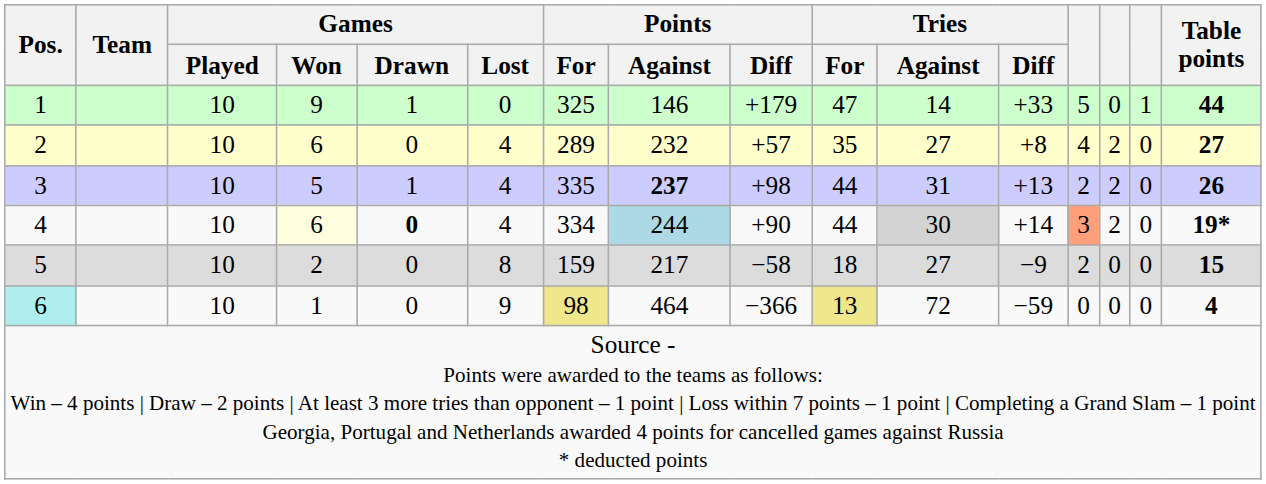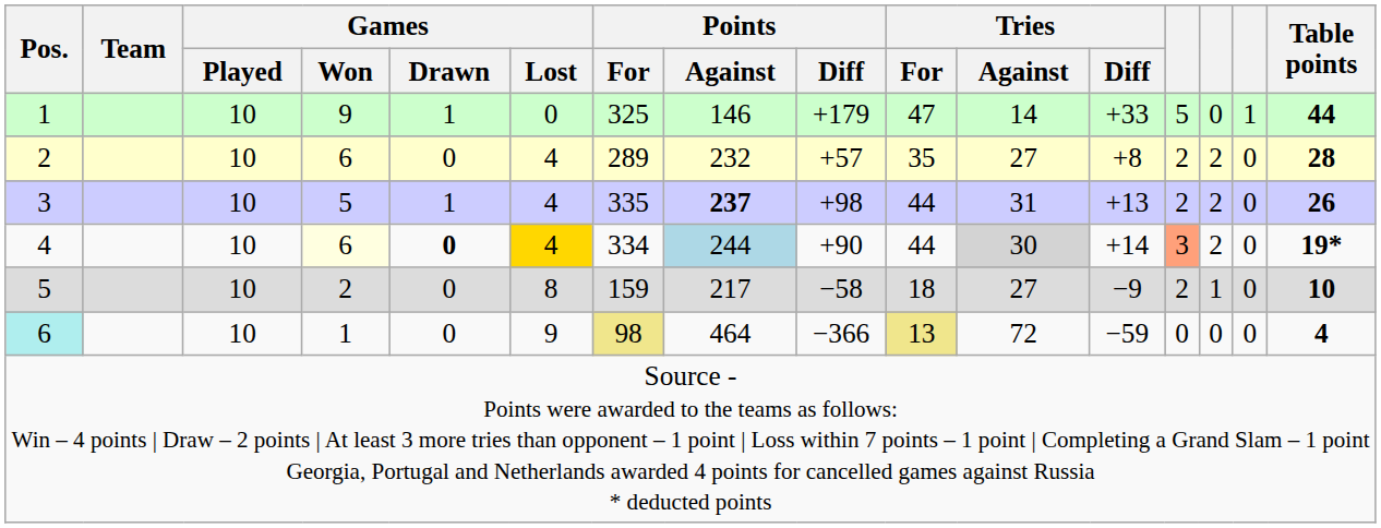 <table class="wikitable" style="text-align:center">
 <tr>
 <th rowspan="2">Pos.</th>
 <th rowspan="2">Team</th>
 <th colspan="4">Games</th>
 <th colspan="3">Points</th>
 <th colspan="3">Tries</th>
 <th rowspan="2"></th>
 <th rowspan="2"></th>
 <th rowspan="2"></th>
 <th rowspan="2">Table<br>points</th>
 </tr>
 <tr>
 <th>Played</th>
 <th>Won</th>
 <th>Drawn</th>
 <th>Lost</th>
 <th>For</th>
 <th>Against</th>
 <th>Diff</th>
 <th>For</th>
 <th>Against</th>
 <th>Diff</th>
 </tr>
 <tr bgcolor=#CCFFCC>
 <td>1</td>
 <td style="text-align:left"></td>
 <td>10</td>
 <td>9</td>
 <td>1</td>
 <td>0</td>
 <td>325</td>
 <td>146</td>
 <td>+179</td>
 <td>47</td>
 <td>14</td>
 <td>+33</td>
 <td>5</td>
 <td>0</td>
 <td>1</td>
 <td><strong>44</strong></td>
 </tr>
 <tr bgcolor=#FFFFCC>
 <td>2</td>
 <td style="text-align:left"></td>
 <td>10</td>
 <td>6</td>
 <td>0</td>
 <td>4</td>
 <td>289</td>
 <td>232</td>
 <td>+57</td>
 <td>35</td>
 <td>27</td>
 <td>+8</td>
-<td>4</td>
+<td>2</td>
 <td>2</td>
 <td>0</td>
-<td><strong>27</strong></td>
+<td><strong>28</strong></td>
 </tr>
 <tr bgcolor=#CCCCFF>
 <td>3</td>
 <td style="text-align:left"></td>
 <td>10</td>
 <td>5</td>
 <td>1</td>
 <td>4</td>
 <td>335</td>
 <td><strong>237</strong></td>
 <td>+98</td>
 <td>44</td>
 <td>31</td>
 <td>+13</td>
 <td>2</td>
 <td>2</td>
 <td>0</td>
 <td><strong>26</strong></td>
 </tr>
 <tr>
 <td>4</td>
 <td style="text-align:left"></td>
 <td>10</td>
 <td style="background: lightyellow;">6</td>
 <td><strong>0</strong></td>
-<td>4</td>
+<td style="background: gold;">4</td>
 <td>334</td>
 <td style="background: lightblue;">244</td>
 <td>+90</td>
 <td>44</td>
 <td style="background: lightgrey;">30</td>
 <td>+14</td>
 <td style="background: lightsalmon;">3</td>
 <td>2</td>
 <td>0</td>
 <td><strong>19*</strong></td>
 </tr>
 <tr bgcolor="#DCDCDC">
 <td>5</td>
 <td style="text-align:left"></td>
 <td>10</td>
 <td>2</td>
 <td>0</td>
 <td>8</td>
 <td>159</td>
 <td>217</td>
 <td>−58</td>
 <td>18</td>
 <td>27</td>
 <td>−9</td>
 <td>2</td>
+<td>1</td>
 <td>0</td>
-<td>0</td>
-<td><strong>15</strong></td>
+<td><strong>10</strong></td>
 </tr>
 <tr>
 <td style="background: paleturquoise;">6</td>
 <td style="text-align:left"></td>
 <td>10</td>
 <td>1</td>
 <td>0</td>
 <td>9</td>
 <td style="background: khaki;">98</td>
 <td>464</td>
 <td>−366</td>
 <td style="background: khaki;">13</td>
 <td>72</td>
 <td>−59</td>
 <td>0</td>
 <td>0</td>
 <td>0</td>
 <td><strong>4</strong></td>
 </tr>
 <tr>
 <td colspan="100%" style="text-align:center">Source - <br><small>Points were awarded to the teams as follows:<br>Win – 4 points | Draw – 2 points | At least 3 more tries than opponent – 1 point | Loss within 7 points – 1 point | Completing a Grand Slam – 1 point<br> Georgia, Portugal and Netherlands awarded 4 points for cancelled games against Russia<br>* deducted points</small></td>
 </tr>
 </table>
